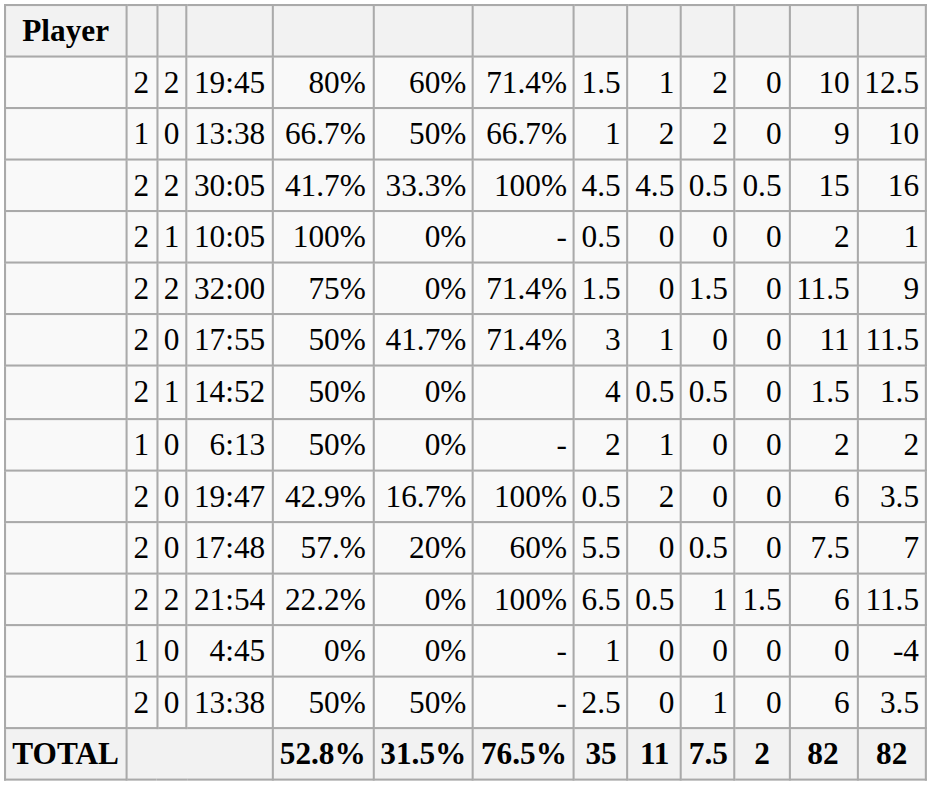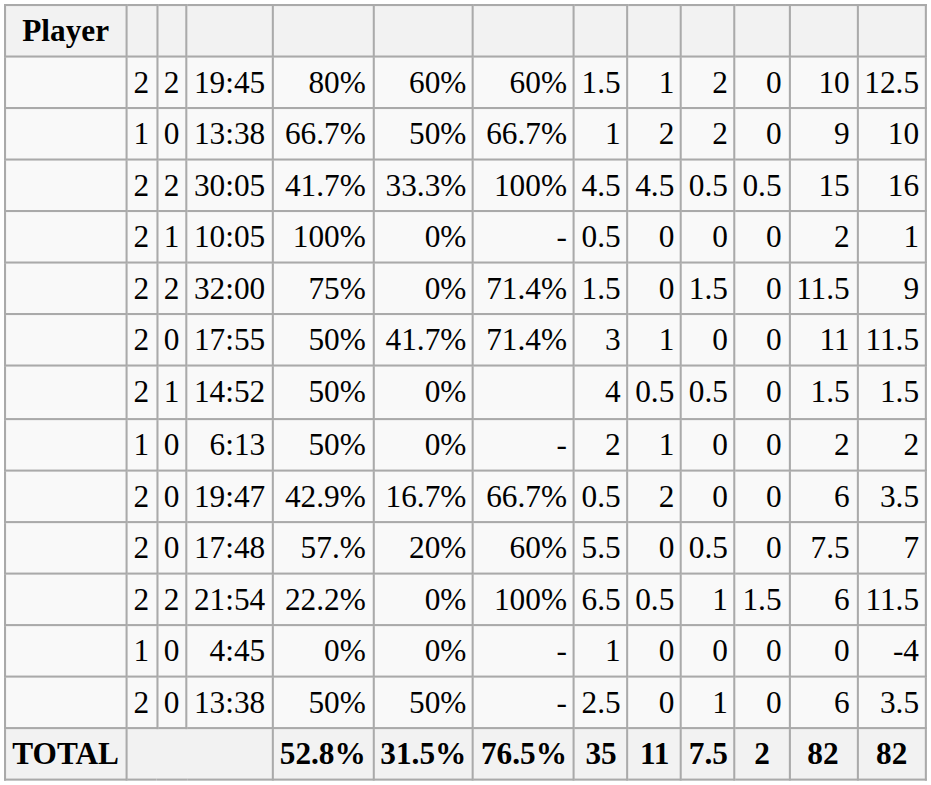 <table class="wikitable sortable" style="font-size:95%; text-align:right;">
 <tr>
 <th>Player</th>
 <th></th>
 <th></th>
 <th></th>
 <th></th>
 <th></th>
 <th></th>
 <th></th>
 <th></th>
 <th></th>
 <th></th>
 <th></th>
 <th></th>
 </tr>
 <tr>
 <td></td>
 <td>2</td>
 <td>2</td>
 <td>19:45</td>
 <td>80%</td>
 <td>60%</td>
-<td>71.4%</td>
+<td>60%</td>
 <td>1.5</td>
 <td>1</td>
 <td>2</td>
 <td>0</td>
 <td>10</td>
 <td>12.5</td>
 </tr>
 <tr>
 <td></td>
 <td>1</td>
 <td>0</td>
 <td>13:38</td>
 <td>66.7%</td>
 <td>50%</td>
 <td>66.7%</td>
 <td>1</td>
 <td>2</td>
 <td>2</td>
 <td>0</td>
 <td>9</td>
 <td>10</td>
 </tr>
 <tr>
 <td></td>
 <td>2</td>
 <td>2</td>
 <td>30:05</td>
 <td>41.7%</td>
 <td>33.3%</td>
 <td>100%</td>
 <td>4.5</td>
 <td>4.5</td>
 <td>0.5</td>
 <td>0.5</td>
 <td>15</td>
 <td>16</td>
 </tr>
 <tr>
 <td></td>
 <td>2</td>
 <td>1</td>
 <td>10:05</td>
 <td>100%</td>
 <td>0%</td>
 <td>-</td>
 <td>0.5</td>
 <td>0</td>
 <td>0</td>
 <td>0</td>
 <td>2</td>
 <td>1</td>
 </tr>
 <tr>
 <td></td>
 <td>2</td>
 <td>2</td>
 <td>32:00</td>
 <td>75%</td>
 <td>0%</td>
 <td>71.4%</td>
 <td>1.5</td>
 <td>0</td>
 <td>1.5</td>
 <td>0</td>
 <td>11.5</td>
 <td>9</td>
 </tr>
 <tr>
 <td></td>
 <td>2</td>
 <td>0</td>
 <td>17:55</td>
 <td>50%</td>
 <td>41.7%</td>
 <td>71.4%</td>
 <td>3</td>
 <td>1</td>
 <td>0</td>
 <td>0</td>
 <td>11</td>
 <td>11.5</td>
 </tr>
 <tr>
 <td></td>
 <td>2</td>
 <td>1</td>
 <td>14:52</td>
 <td>50%</td>
 <td>0%</td>
 <td></td>
 <td>4</td>
 <td>0.5</td>
 <td>0.5</td>
 <td>0</td>
 <td>1.5</td>
 <td>1.5</td>
 </tr>
 <tr>
 <td></td>
 <td>1</td>
 <td>0</td>
 <td>6:13</td>
 <td>50%</td>
 <td>0%</td>
 <td>-</td>
 <td>2</td>
 <td>1</td>
 <td>0</td>
 <td>0</td>
 <td>2</td>
 <td>2</td>
 </tr>
 <tr>
 <td></td>
 <td>2</td>
 <td>0</td>
 <td>19:47</td>
 <td>42.9%</td>
 <td>16.7%</td>
-<td>100%</td>
+<td>66.7%</td>
 <td>0.5</td>
 <td>2</td>
 <td>0</td>
 <td>0</td>
 <td>6</td>
 <td>3.5</td>
 </tr>
 <tr>
 <td></td>
 <td>2</td>
 <td>0</td>
 <td>17:48</td>
 <td>57.%</td>
 <td>20%</td>
 <td>60%</td>
 <td>5.5</td>
 <td>0</td>
 <td>0.5</td>
 <td>0</td>
 <td>7.5</td>
 <td>7</td>
 </tr>
 <tr>
 <td></td>
 <td>2</td>
 <td>2</td>
 <td>21:54</td>
 <td>22.2%</td>
 <td>0%</td>
 <td>100%</td>
 <td>6.5</td>
 <td>0.5</td>
 <td>1</td>
 <td>1.5</td>
 <td>6</td>
 <td>11.5</td>
 </tr>
 <tr>
 <td></td>
 <td>1</td>
 <td>0</td>
 <td>4:45</td>
 <td>0%</td>
 <td>0%</td>
 <td>-</td>
 <td>1</td>
 <td>0</td>
 <td>0</td>
 <td>0</td>
 <td>0</td>
 <td>-4</td>
 </tr>
 <tr>
 <td></td>
 <td>2</td>
 <td>0</td>
 <td>13:38</td>
 <td>50%</td>
 <td>50%</td>
 <td>-</td>
 <td>2.5</td>
 <td>0</td>
 <td>1</td>
 <td>0</td>
 <td>6</td>
 <td>3.5</td>
 </tr>
 <tr>
 <th align=center><strong>TOTAL</strong></th>
 <th colspan=3></th>
 <th><strong>52.8%</strong></th>
 <th><strong>31.5%</strong></th>
 <th><strong>76.5%</strong></th>
 <th><strong>35</strong></th>
 <th><strong>11</strong></th>
 <th><strong>7.5</strong></th>
 <th><strong>2</strong></th>
 <th><strong>82</strong></th>
 <th><strong>82</strong></th>
 </tr>
 </table>
